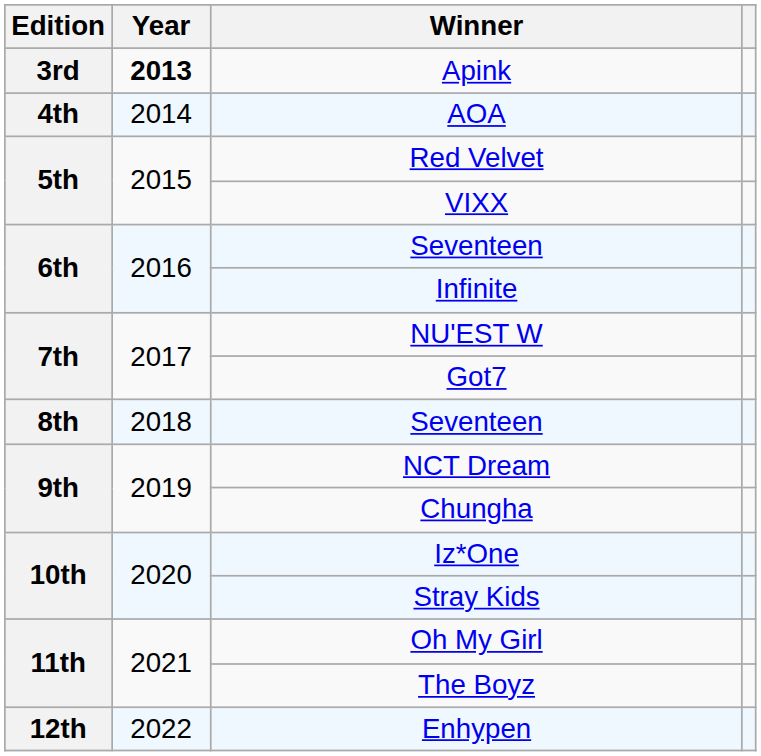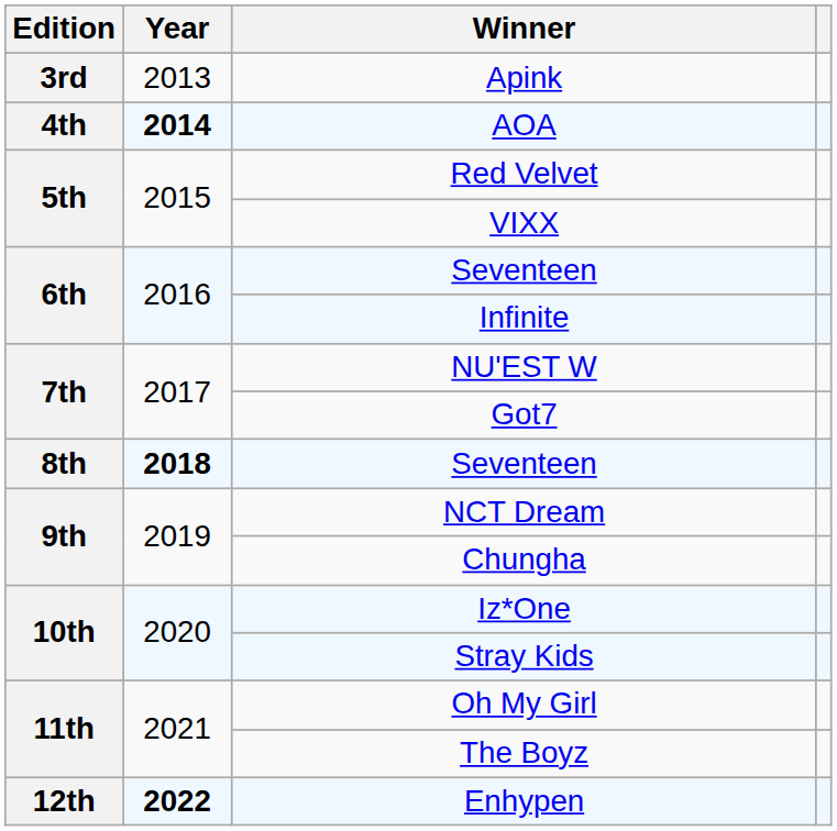 <table class="wikitable plainrowheaders" style="text-align: center">
 <tr>
 <th scope="col" width="50">Edition</th>
 <th scope="col" width="50">Year</th>
 <th scope="col" width="300">Winner</th>
 <th scope="col"></th>
 </tr>
 <tr>
 <th scope="row" style="text-align:center">3rd</th>
-<td><strong>2013</strong></td>
+<td>2013</td>
 <td><a href='#'>Apink</a></td>
 <td></td>
 </tr>
 <tr style="background:#F0F8FF">
 <th scope="row" style="text-align:center">4th</th>
-<td>2014</td>
+<td><strong>2014</strong></td>
 <td><a href='#'>AOA</a></td>
 <td></td>
 </tr>
 <tr>
 <th scope="row" style="text-align:center" rowspan="2">5th</th>
 <td rowspan="2" style="text-align:center">2015</td>
 <td><a href='#'>Red Velvet</a></td>
 <td></td>
 </tr>
 <tr>
 <td><a href='#'>VIXX</a></td>
 <td></td>
 </tr>
 <tr style="background:#F0F8FF">
 <th scope="row" style="text-align:center" rowspan="2">6th</th>
 <td rowspan="2">2016</td>
 <td><a href='#'>Seventeen</a></td>
 <td></td>
 </tr>
 <tr style="background:#F0F8FF">
 <td><a href='#'>Infinite</a></td>
 <td></td>
 </tr>
 <tr>
 <th scope="row" style="text-align:center" rowspan="2">7th</th>
 <td rowspan="2">2017</td>
 <td><a href='#'>NU'EST W</a></td>
 <td></td>
 </tr>
 <tr>
 <td><a href='#'>Got7</a></td>
 <td></td>
 </tr>
 <tr style="background:#F0F8FF">
 <th scope="row" style="text-align:center">8th</th>
-<td>2018</td>
+<td><strong>2018</strong></td>
 <td><a href='#'>Seventeen</a></td>
 <td></td>
 </tr>
 <tr>
 <th scope="row" style="text-align:center" rowspan="2">9th</th>
 <td rowspan="2">2019</td>
 <td><a href='#'>NCT Dream</a></td>
 <td></td>
 </tr>
 <tr>
 <td><a href='#'>Chungha</a></td>
 <td></td>
 </tr>
 <tr style="background:#F0F8FF">
 <th scope="row" style="text-align:center" rowspan="2">10th</th>
 <td rowspan="2">2020</td>
 <td><a href='#'>Iz*One</a></td>
 <td></td>
 </tr>
 <tr style="background:#F0F8FF">
 <td><a href='#'>Stray Kids</a></td>
 <td></td>
 </tr>
 <tr>
 <th scope="row" style="text-align:center" rowspan="2">11th</th>
 <td rowspan="2">2021</td>
 <td><a href='#'>Oh My Girl</a></td>
 <td></td>
 </tr>
 <tr>
 <td><a href='#'>The Boyz</a></td>
 <td></td>
 </tr>
 <tr style="background:#F0F8FF">
 <th scope="row" style="text-align:center">12th</th>
-<td>2022</td>
+<td><strong>2022</strong></td>
 <td><a href='#'>Enhypen</a></td>
 <td style="text-align:center"></td>
 </tr>
 </table>
